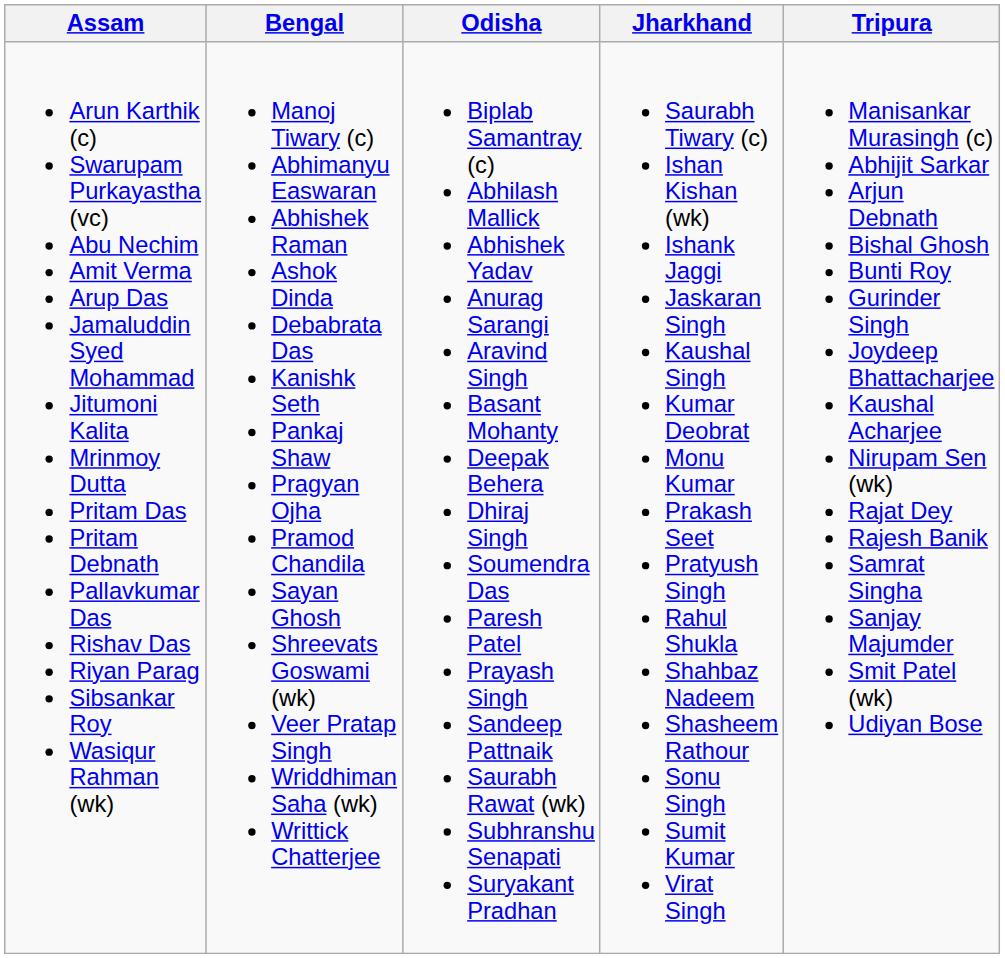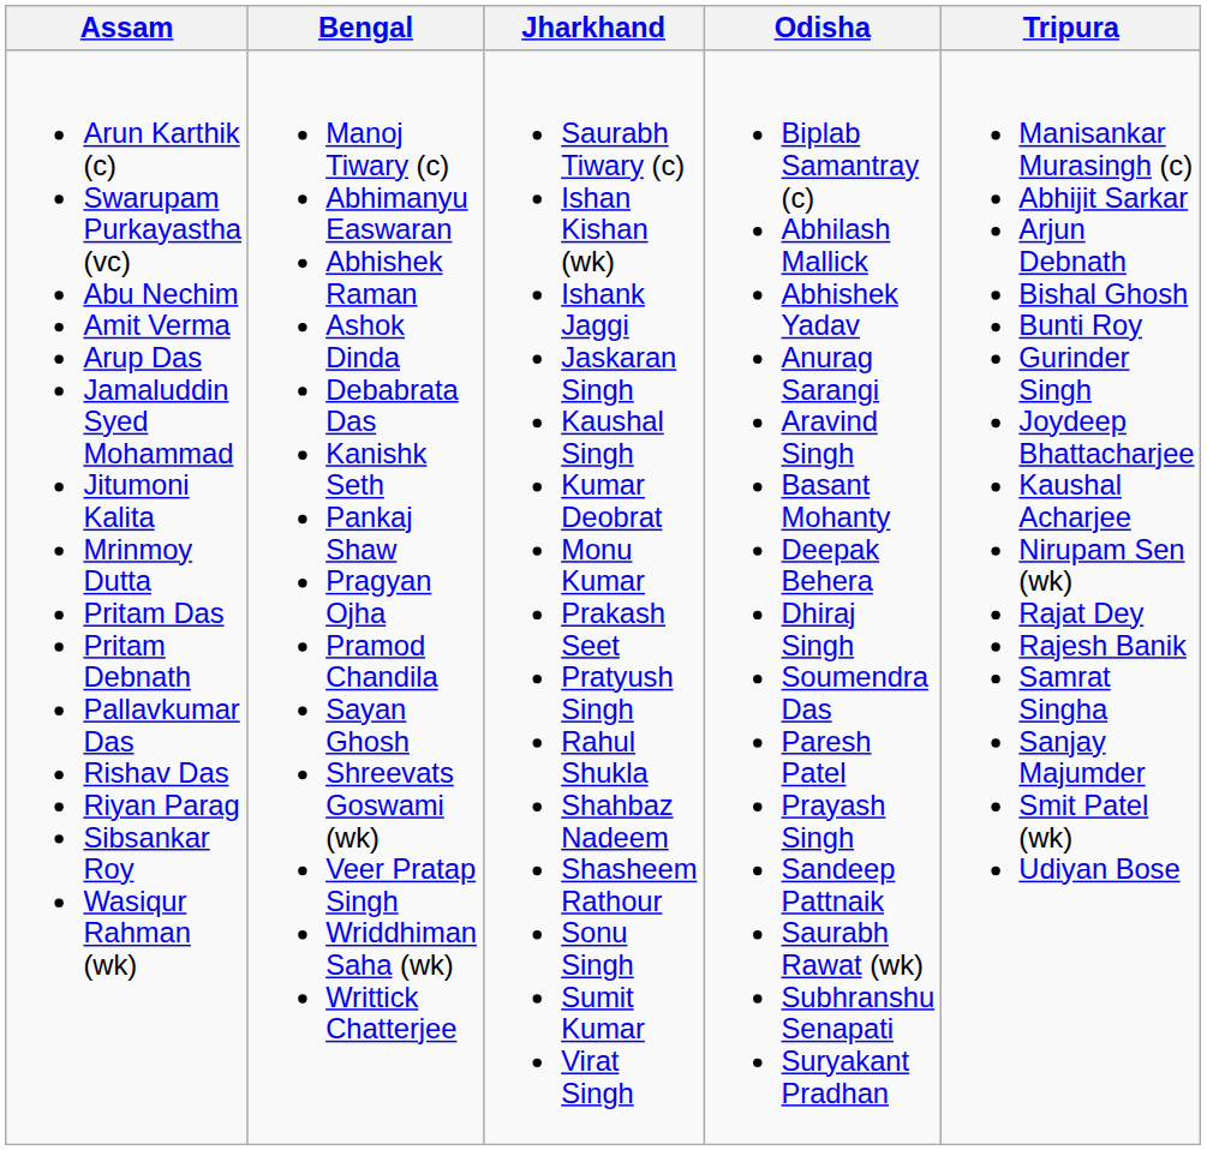 <table class="wikitable">
 <tr>
 <th><a href='#'>Assam</a></th>
 <th><a href='#'>Bengal</a></th>
+<th><a href='#'>Jharkhand</a></th>
 <th><a href='#'>Odisha</a></th>
-<th><a href='#'>Jharkhand</a></th>
 <th><a href='#'>Tripura</a></th>
 </tr>
 <tr style="vertical-align:top">
 <td><br><ul><li><a href='#'>Arun Karthik</a> (c)</li><li><a href='#'>Swarupam Purkayastha</a> (vc)</li><li><a href='#'>Abu Nechim</a></li><li><a href='#'>Amit Verma</a></li><li><a href='#'>Arup Das</a></li><li><a href='#'>Jamaluddin Syed Mohammad</a></li><li><a href='#'>Jitumoni Kalita</a></li><li><a href='#'>Mrinmoy Dutta</a></li><li><a href='#'>Pritam Das</a></li><li><a href='#'>Pritam Debnath</a></li><li><a href='#'>Pallavkumar Das</a></li><li><a href='#'>Rishav Das</a></li><li><a href='#'>Riyan Parag</a></li><li><a href='#'>Sibsankar Roy</a></li><li><a href='#'>Wasiqur Rahman</a> (wk)</li></ul></td>
 <td><br><ul><li><a href='#'>Manoj Tiwary</a> (c)</li><li><a href='#'>Abhimanyu Easwaran</a></li><li><a href='#'>Abhishek Raman</a></li><li><a href='#'>Ashok Dinda</a></li><li><a href='#'>Debabrata Das</a></li><li><a href='#'>Kanishk Seth</a></li><li><a href='#'>Pankaj Shaw</a></li><li><a href='#'>Pragyan Ojha</a></li><li><a href='#'>Pramod Chandila</a></li><li><a href='#'>Sayan Ghosh</a></li><li><a href='#'>Shreevats Goswami</a> (wk)</li><li><a href='#'>Veer Pratap Singh</a></li><li><a href='#'>Wriddhiman Saha</a> (wk)</li><li><a href='#'>Writtick Chatterjee</a></li></ul></td>
+<td><br><ul><li><a href='#'>Saurabh Tiwary</a> (c)</li><li><a href='#'>Ishan Kishan</a> (wk)</li><li><a href='#'>Ishank Jaggi</a></li><li><a href='#'>Jaskaran Singh</a></li><li><a href='#'>Kaushal Singh</a></li><li><a href='#'>Kumar Deobrat</a></li><li><a href='#'>Monu Kumar</a></li><li><a href='#'>Prakash Seet</a></li><li><a href='#'>Pratyush Singh</a></li><li><a href='#'>Rahul Shukla</a></li><li><a href='#'>Shahbaz Nadeem</a></li><li><a href='#'>Shasheem Rathour</a></li><li><a href='#'>Sonu Singh</a></li><li><a href='#'>Sumit Kumar</a></li><li><a href='#'>Virat Singh</a></li></ul></td>
 <td><br><ul><li><a href='#'>Biplab Samantray</a> (c)</li><li><a href='#'>Abhilash Mallick</a></li><li><a href='#'>Abhishek Yadav</a></li><li><a href='#'>Anurag Sarangi</a></li><li><a href='#'>Aravind Singh</a></li><li><a href='#'>Basant Mohanty</a></li><li><a href='#'>Deepak Behera</a></li><li><a href='#'>Dhiraj Singh</a></li><li><a href='#'>Soumendra Das</a></li><li><a href='#'>Paresh Patel</a></li><li><a href='#'>Prayash Singh</a></li><li><a href='#'>Sandeep Pattnaik</a></li><li><a href='#'>Saurabh Rawat</a> (wk)</li><li><a href='#'>Subhranshu Senapati</a></li><li><a href='#'>Suryakant Pradhan</a></li></ul></td>
-<td><br><ul><li><a href='#'>Saurabh Tiwary</a> (c)</li><li><a href='#'>Ishan Kishan</a> (wk)</li><li><a href='#'>Ishank Jaggi</a></li><li><a href='#'>Jaskaran Singh</a></li><li><a href='#'>Kaushal Singh</a></li><li><a href='#'>Kumar Deobrat</a></li><li><a href='#'>Monu Kumar</a></li><li><a href='#'>Prakash Seet</a></li><li><a href='#'>Pratyush Singh</a></li><li><a href='#'>Rahul Shukla</a></li><li><a href='#'>Shahbaz Nadeem</a></li><li><a href='#'>Shasheem Rathour</a></li><li><a href='#'>Sonu Singh</a></li><li><a href='#'>Sumit Kumar</a></li><li><a href='#'>Virat Singh</a></li></ul></td>
 <td><br><ul><li><a href='#'>Manisankar Murasingh</a> (c)</li><li><a href='#'>Abhijit Sarkar</a></li><li><a href='#'>Arjun Debnath</a></li><li><a href='#'>Bishal Ghosh</a></li><li><a href='#'>Bunti Roy</a></li><li><a href='#'>Gurinder Singh</a></li><li><a href='#'>Joydeep Bhattacharjee</a></li><li><a href='#'>Kaushal Acharjee</a></li><li><a href='#'>Nirupam Sen</a> (wk)</li><li><a href='#'>Rajat Dey</a></li><li><a href='#'>Rajesh Banik</a></li><li><a href='#'>Samrat Singha</a></li><li><a href='#'>Sanjay Majumder</a></li><li><a href='#'>Smit Patel</a> (wk)</li><li><a href='#'>Udiyan Bose</a></li></ul></td>
 </tr>
 </table>
